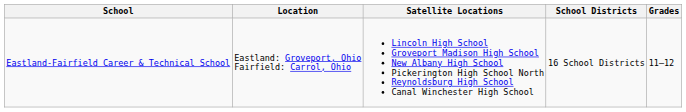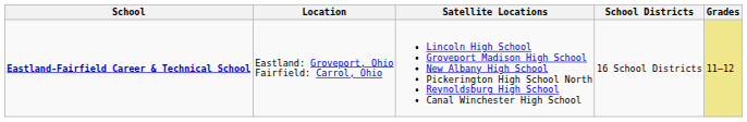 <table class="wikitable">
 <tr>
 <th>School</th>
 <th>Location</th>
 <th>Satellite Locations</th>
 <th>School Districts</th>
 <th>Grades</th>
 </tr>
 <tr>
-<td><a href='#'>Eastland-Fairfield Career & Technical School</a></td>
+<td><strong><a href='#'>Eastland-Fairfield Career & Technical School</a></strong></td>
 <td>Eastland: <a href='#'>Groveport, Ohio</a><br>Fairfield: <a href='#'>Carrol, Ohio</a></td>
 <td><br><ul><li><a href='#'>Lincoln High School</a></li><li><a href='#'>Groveport Madison High School</a></li><li><a href='#'>New Albany High School</a></li><li>Pickerington High School North</li><li><a href='#'>Reynoldsburg High School</a></li><li>Canal Winchester High School</li></ul></td>
 <td>16 School Districts</td>
-<td>11–12</td>
+<td style="background: khaki;">11–12</td>
 </tr>
 </table>
